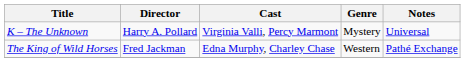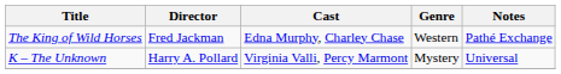 <table class="wikitable">
 <tr>
 <th>Title</th>
 <th>Director</th>
 <th>Cast</th>
 <th>Genre</th>
 <th>Notes</th>
 </tr>
 <tr>
+<td><em><a href='#'>The King of Wild Horses</a></em></td>
+<td><a href='#'>Fred Jackman</a></td>
+<td><a href='#'>Edna Murphy</a>, <a href='#'>Charley Chase</a></td>
+<td>Western</td>
+<td><a href='#'>Pathé Exchange</a></td>
+</tr>
+<tr>
 <td><em><a href='#'>K – The Unknown</a></em></td>
 <td><a href='#'>Harry A. Pollard</a></td>
 <td><a href='#'>Virginia Valli</a>, <a href='#'>Percy Marmont</a></td>
 <td>Mystery</td>
 <td><a href='#'>Universal</a></td>
 </tr>
 <tr>
-<td><em><a href='#'>The King of Wild Horses</a></em></td>
-<td><a href='#'>Fred Jackman</a></td>
-<td><a href='#'>Edna Murphy</a>, <a href='#'>Charley Chase</a></td>
-<td>Western</td>
-<td><a href='#'>Pathé Exchange</a></td>
-</tr>
-<tr>
 </tr>
 </table>
